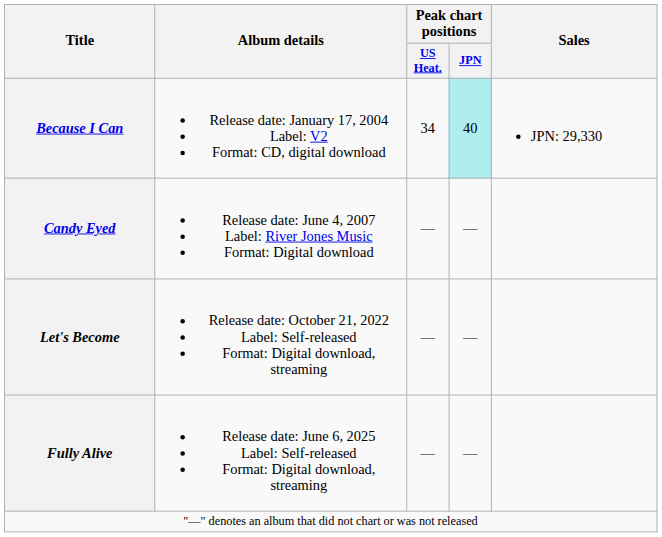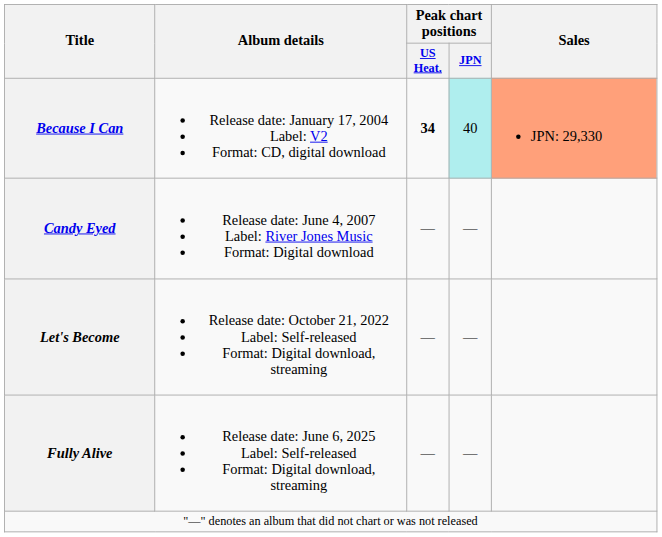 <table class="wikitable plainrowheaders" style="text-align:center;">
 <tr>
 <th scope="col" rowspan="2" style="width:10em;">Title</th>
 <th scope="col" rowspan="2" style="width:17em;">Album details</th>
 <th scope="col" colspan="2">Peak chart positions</th>
 <th scope="col" rowspan="2" style="width:11em;">Sales</th>
 </tr>
 <tr>
 <th style="width:3em;font-size:85%"><a href='#'>US<br>Heat.</a><br></th>
 <th style="width:3em;font-size:85%"><a href='#'>JPN</a><br></th>
 </tr>
 <tr>
 <th scope="row"><em><a href='#'>Because I Can</a></em></th>
 <td><br><ul><li>Release date: January 17, 2004</li><li>Label: <a href='#'>V2</a></li><li>Format: CD, digital download</li></ul></td>
-<td>34</td>
+<td><strong>34</strong></td>
 <td style="background: paleturquoise;">40</td>
-<td style="text-align:left;"><br><ul><li>JPN: 29,330</li></ul></td>
+<td style="background: lightsalmon; text-align:left;"><br><ul><li>JPN: 29,330</li></ul></td>
 </tr>
 <tr>
 <th scope="row"><em><a href='#'>Candy Eyed</a></em></th>
 <td><br><ul><li>Release date: June 4, 2007</li><li>Label: <a href='#'>River Jones Music</a></li><li>Format: Digital download</li></ul></td>
 <td>—</td>
 <td>—</td>
 <td style="text-align:left;"></td>
 </tr>
 <tr>
 <th scope="row"><em>Let's Become</em></th>
 <td><br><ul><li>Release date: October 21, 2022</li><li>Label: Self-released</li><li>Format: Digital download, streaming</li></ul></td>
 <td>—</td>
 <td>—</td>
 <td style="text-align:left;"></td>
 </tr>
 <tr>
 <th scope="row"><em>Fully Alive</em></th>
 <td><br><ul><li>Release date: June 6, 2025</li><li>Label: Self-released</li><li>Format: Digital download, streaming</li></ul></td>
 <td>—</td>
 <td>—</td>
 <td style="text-align:left;"></td>
 </tr>
 <tr>
 <td colspan="14" style="font-size:85%">"—" denotes an album that did not chart or was not released</td>
 </tr>
 </table>
